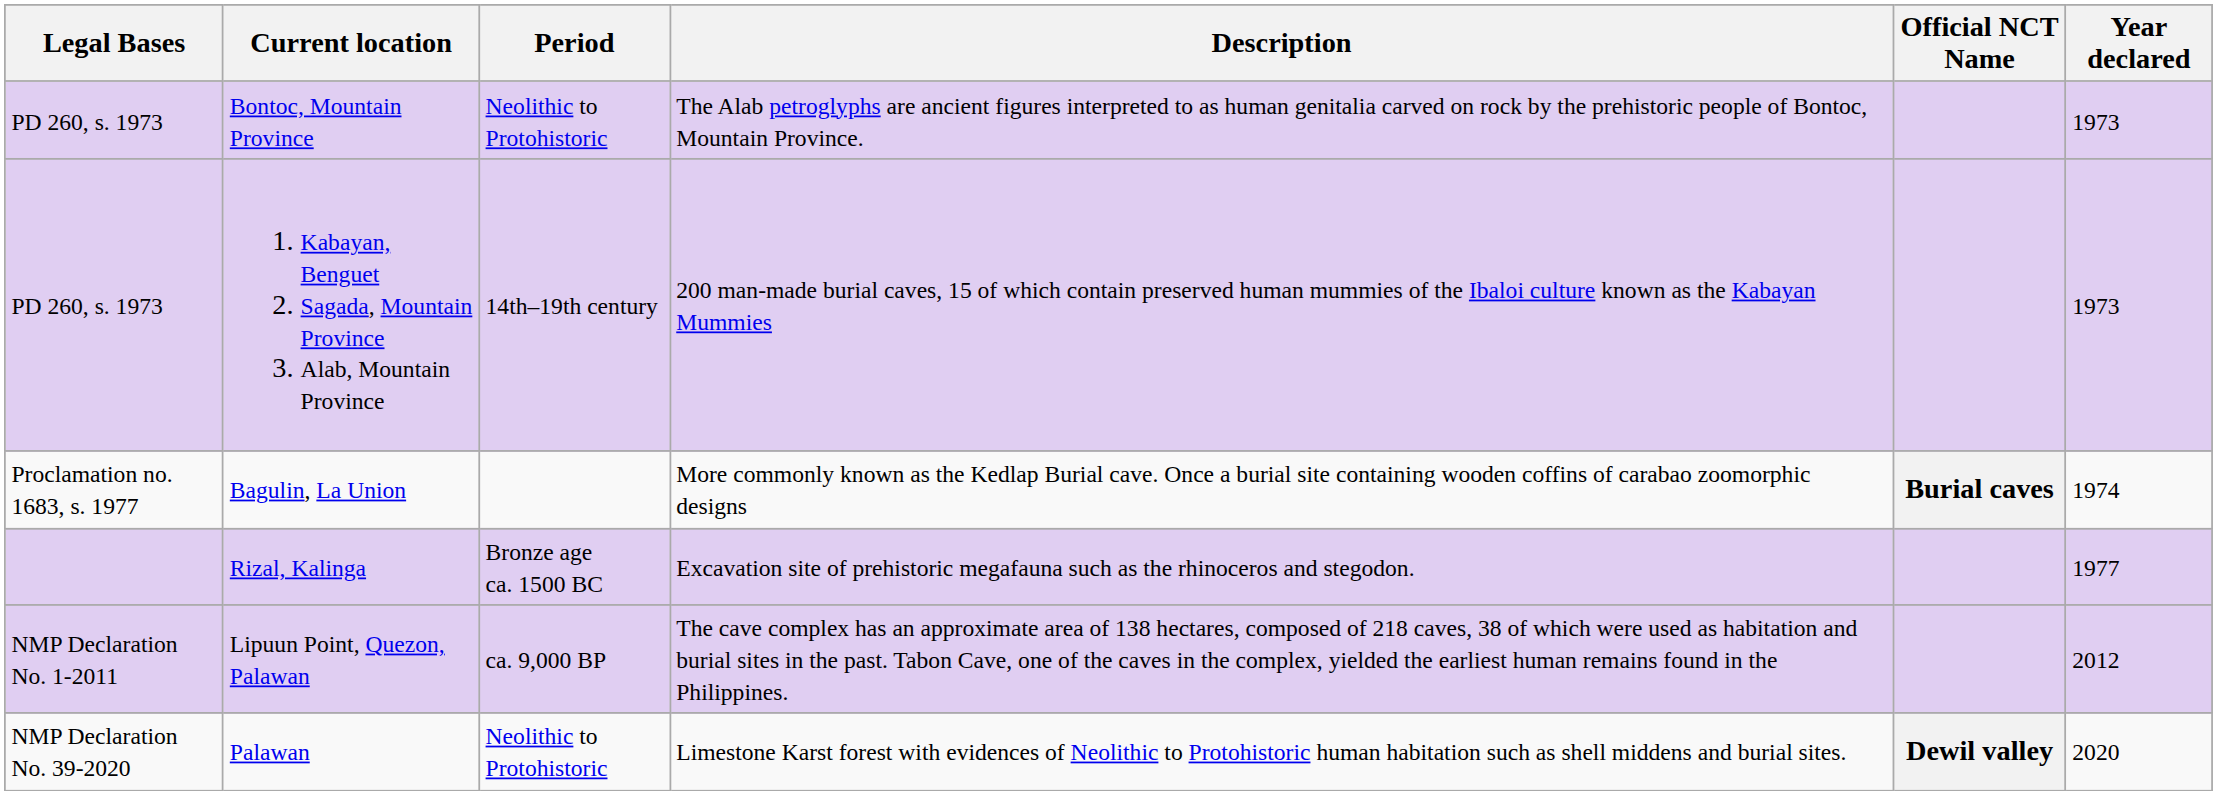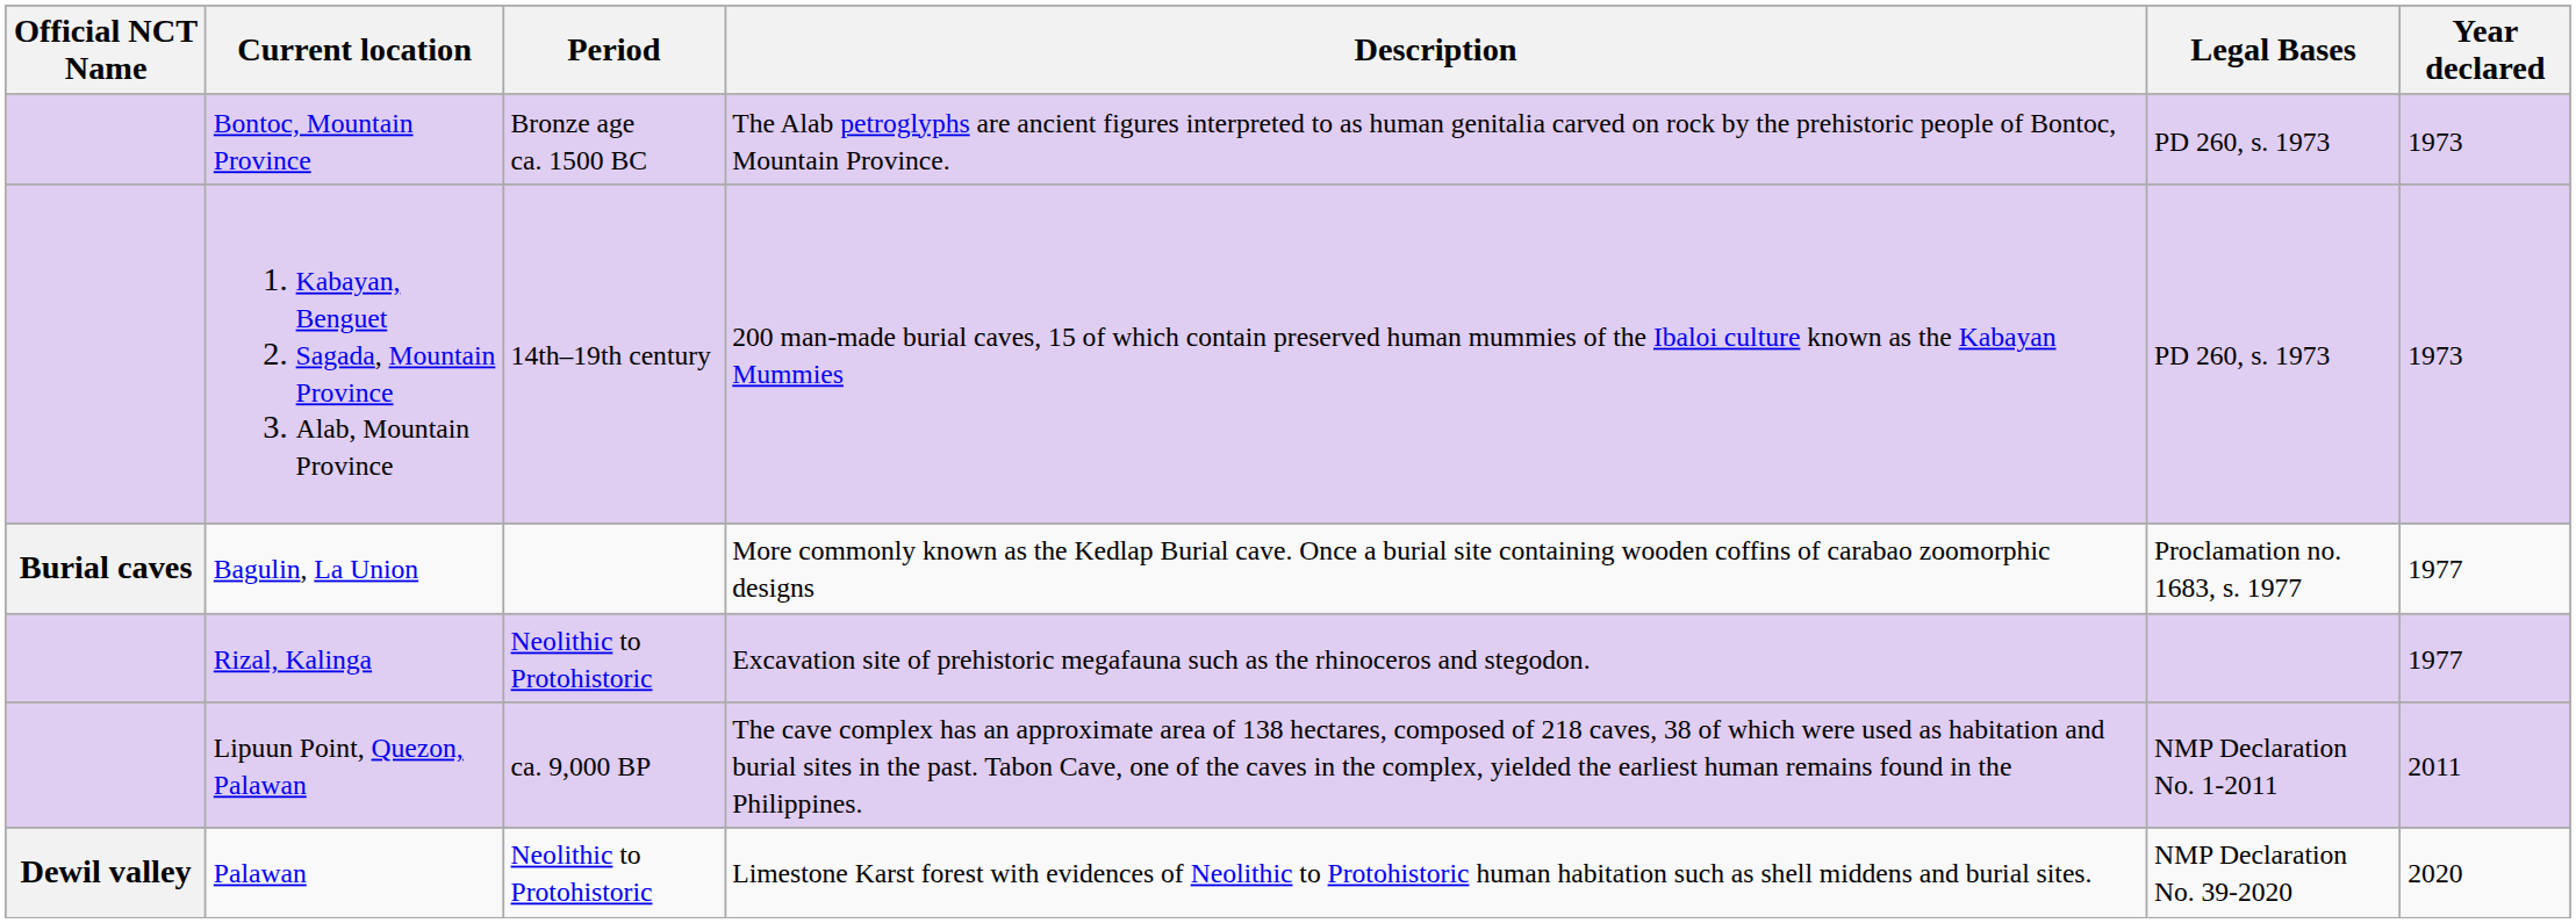 <table class="wikitable sortable plainrowheaders toptextcells">
 <tr>
-<th>Legal Bases</th>
+<th>Official NCT Name</th>
 <th>Current location</th>
 <th>Period</th>
 <th class="unsortable">Description</th>
-<th>Official NCT Name</th>
+<th>Legal Bases</th>
 <th>Year declared</th>
 </tr>
 <tr style="background-color:#E0CEF2;">
+<td></td>
+<td><small><a href='#'>Bontoc, Mountain Province</a></small></td>
+<td><small>Bronze age</small><br><small>ca. 1500 BC</small></td>
+<td><small>The Alab <a href='#'>petroglyphs</a> are ancient figures interpreted to as human genitalia carved on rock by the prehistoric people of Bontoc, Mountain Province.</small></td>
 <td><small>PD 260, s. 1973</small></td>
-<td><small><a href='#'>Bontoc, Mountain Province</a></small></td>
-<td><small><a href='#'>Neolithic</a> to <a href='#'>Protohistoric</a></small></td>
-<td><small>The Alab <a href='#'>petroglyphs</a> are ancient figures interpreted to as human genitalia carved on rock by the prehistoric people of Bontoc, Mountain Province.</small></td>
-<td></td>
 <td><small>1973</small></td>
 </tr>
 <tr style="background-color:#E0CEF2;">
-<td><small>PD 260, s. 1973</small></td>
+<td></td>
 <td><br><ol><li><small><a href='#'>Kabayan, Benguet</a></small></li><li><small><a href='#'>Sagada</a>, <a href='#'>Mountain Province</a></small></li><li><small>Alab, Mountain Province</small></li></ol></td>
 <td><small>14th–19th century</small></td>
 <td><small>200 man-made burial caves, 15 of which contain preserved human mummies of the <a href='#'>Ibaloi culture</a> known as the <a href='#'>Kabayan Mummies</a></small></td>
-<td></td>
+<td><small>PD 260, s. 1973</small></td>
 <td><small>1973</small></td>
 </tr>
 <tr>
-<td><small>Proclamation no. 1683, s. 1977</small></td>
+<th>Burial caves</th>
 <td><small><a href='#'>Bagulin</a>, <a href='#'>La Union</a></small></td>
 <td></td>
 <td><small>More commonly known as the Kedlap Burial cave. Once a burial site containing wooden coffins of carabao zoomorphic designs</small></td>
-<th>Burial caves</th>
-<td><small>1974</small></td>
+<td><small>Proclamation no. 1683, s. 1977</small></td>
+<td><small>1977</small></td>
 </tr>
 <tr style="background-color: #E0CEF2;">
 <td></td>
 <td><small><a href='#'>Rizal, Kalinga</a></small></td>
-<td><small>Bronze age</small><br><small>ca. 1500 BC</small></td>
+<td><small><a href='#'>Neolithic</a> to <a href='#'>Protohistoric</a></small></td>
 <td><small>Excavation site of prehistoric megafauna such as the rhinoceros and stegodon.</small></td>
 <td></td>
 <td><small>1977</small></td>
 </tr>
 <tr style="background-color:#E0CEF2;">
-<td><small>NMP Declaration No. 1-2011</small></td>
+<td scope="row"></td>
 <td><small>Lipuun Point, <a href='#'>Quezon, Palawan</a></small></td>
 <td><small>ca. 9,000 BP</small></td>
 <td><small>The cave complex has an approximate area of 138 hectares, composed of 218 caves, 38 of which were used as habitation and burial sites in the past. Tabon Cave, one of the caves in the complex, yielded the earliest human remains found in the Philippines.</small></td>
-<td scope="row"></td>
-<td><small>2012</small></td>
+<td><small>NMP Declaration No. 1-2011</small></td>
+<td><small>2011</small></td>
 </tr>
 <tr>
-<td><small>NMP Declaration No. 39-2020</small></td>
+<th>Dewil valley</th>
 <td><small><a href='#'>Palawan</a></small></td>
 <td><small><a href='#'>Neolithic</a> to <a href='#'>Protohistoric</a></small></td>
 <td><small>Limestone Karst forest with evidences of <a href='#'>Neolithic</a> to <a href='#'>Protohistoric</a> human habitation such as shell middens and burial sites.</small></td>
-<th>Dewil valley</th>
+<td><small>NMP Declaration No. 39-2020</small></td>
 <td><small>2020</small></td>
 </tr>
 </table>
